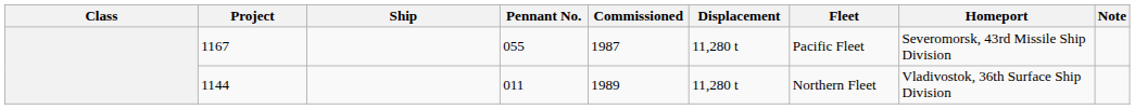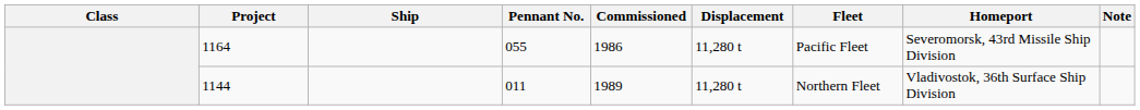 <table class="wikitable sortable" style="margin:auto; width:100%;">
 <tr>
 <th style="text-align:center; width:18%;">Class</th>
 <th style="text-align:center; width:10%;">Project</th>
 <th style="text-align:center; width:18%;">Ship</th>
 <th style="text-align:center; width:8%;">Pennant No.</th>
 <th style="text-align:center; width:9%;">Commissioned</th>
 <th style="text-align:center; width:9%;">Displacement</th>
 <th style="text-align:center; width:10%;">Fleet</th>
 <th style="text-align:center; width:22%;">Homeport</th>
 <th style="text-align:center; width:8%;">Note</th>
 </tr>
 <tr style="background:">
 <th rowspan="2"></th>
-<td>1167</td>
+<td>1164</td>
 <td></td>
 <td>055</td>
-<td>1987</td>
+<td>1986</td>
 <td>11,280 t</td>
 <td>Pacific Fleet</td>
 <td>Severomorsk, 43rd Missile Ship Division</td>
 <td></td>
 </tr>
 <tr>
 <td>1144</td>
 <td></td>
 <td>011</td>
 <td>1989</td>
 <td>11,280 t</td>
 <td>Northern Fleet</td>
 <td>Vladivostok, 36th Surface Ship Division</td>
 <td></td>
 </tr>
 </table>
